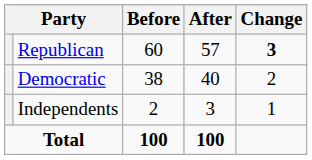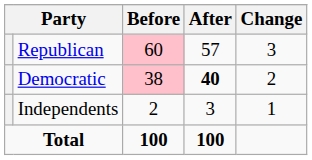 <table class="wikitable" style="text-align:center;">
 <tr>
 </tr>
 <tr>
 <th colspan=2>Party</th>
 <th>Before</th>
 <th>After</th>
 <th>Change</th>
 </tr>
 <tr>
 <th style="background-color:"></th>
 <td style="text-align:left;"><a href='#'>Republican</a></td>
-<td>60</td>
+<td style="background: pink;">60</td>
 <td>57</td>
-<td><strong> 3</strong></td>
+<td> 3</td>
 </tr>
 <tr>
 <th style="background-color:"></th>
 <td style="text-align:left;"><a href='#'>Democratic</a></td>
-<td>38</td>
-<td>40</td>
+<td style="background: pink;">38</td>
+<td><strong>40</strong></td>
 <td> 2</td>
 </tr>
 <tr>
 <th style="background-color:"></th>
 <td style="text-align:left;">Independents</td>
 <td>2</td>
 <td>3</td>
 <td> 1</td>
 </tr>
 <tr>
 <td colspan=2><strong>Total</strong></td>
 <td><strong>100</strong></td>
 <td><strong>100</strong></td>
 </tr>
 </table>
